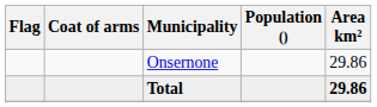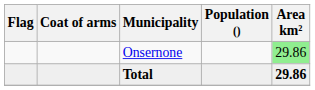 <table class="wikitable">
 <tr>
 <th>Flag</th>
 <th>Coat of arms</th>
 <th>Municipality</th>
 <th>Population<br><small>()</small></th>
 <th>Area <br>km²</th>
 </tr>
 <tr>
 <td></td>
 <td></td>
 <td><a href='#'>Onsernone</a></td>
 <td align="center"></td>
-<td align="center">29.86</td>
+<td align="center" style="background: lightgreen;">29.86</td>
 </tr>
 <tr>
 <td bgcolor="#EFEFEF"></td>
 <td bgcolor="#EFEFEF"></td>
 <td bgcolor="#EFEFEF"><strong>Total</strong></td>
 <td bgcolor="#EFEFEF" align="center"></td>
 <td bgcolor="#EFEFEF" align="center"><strong>29.86</strong></td>
 </tr>
 <tr>
 </tr>
 </table>
